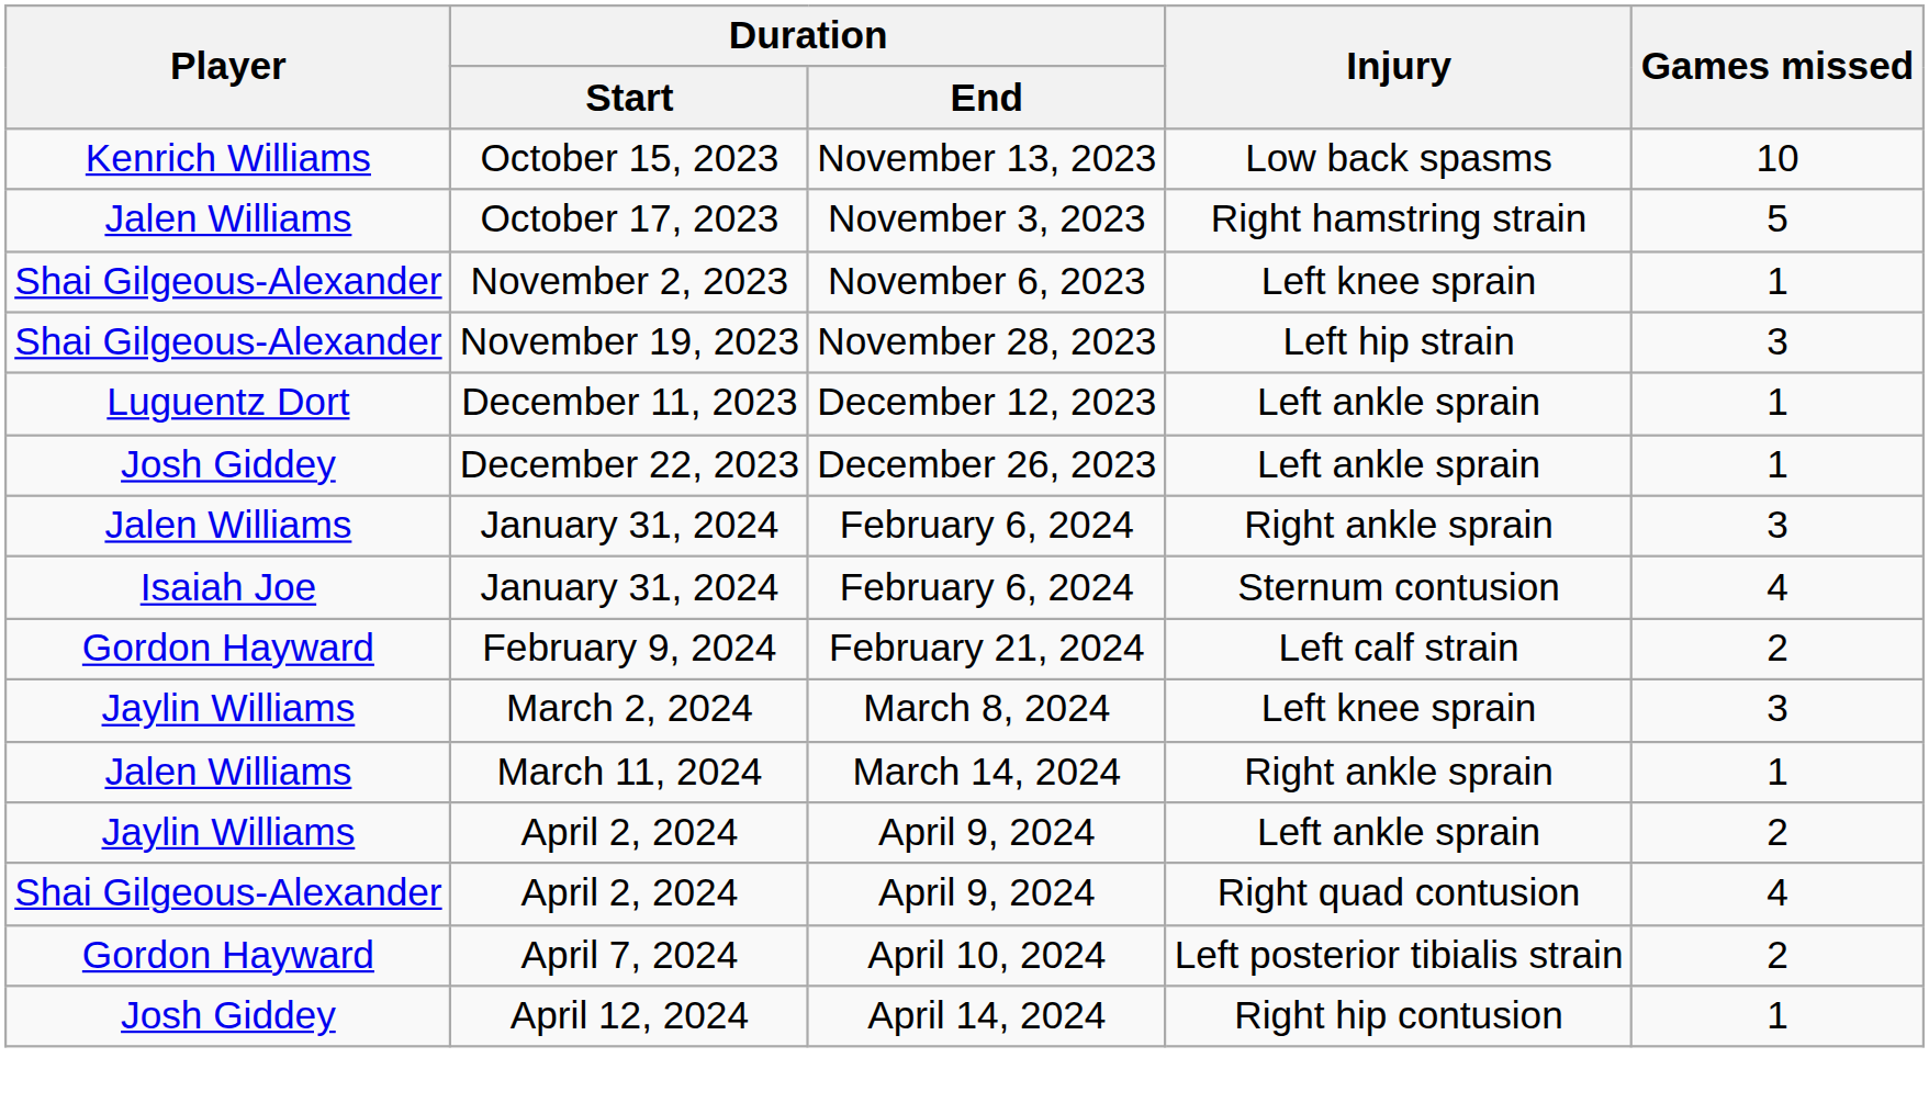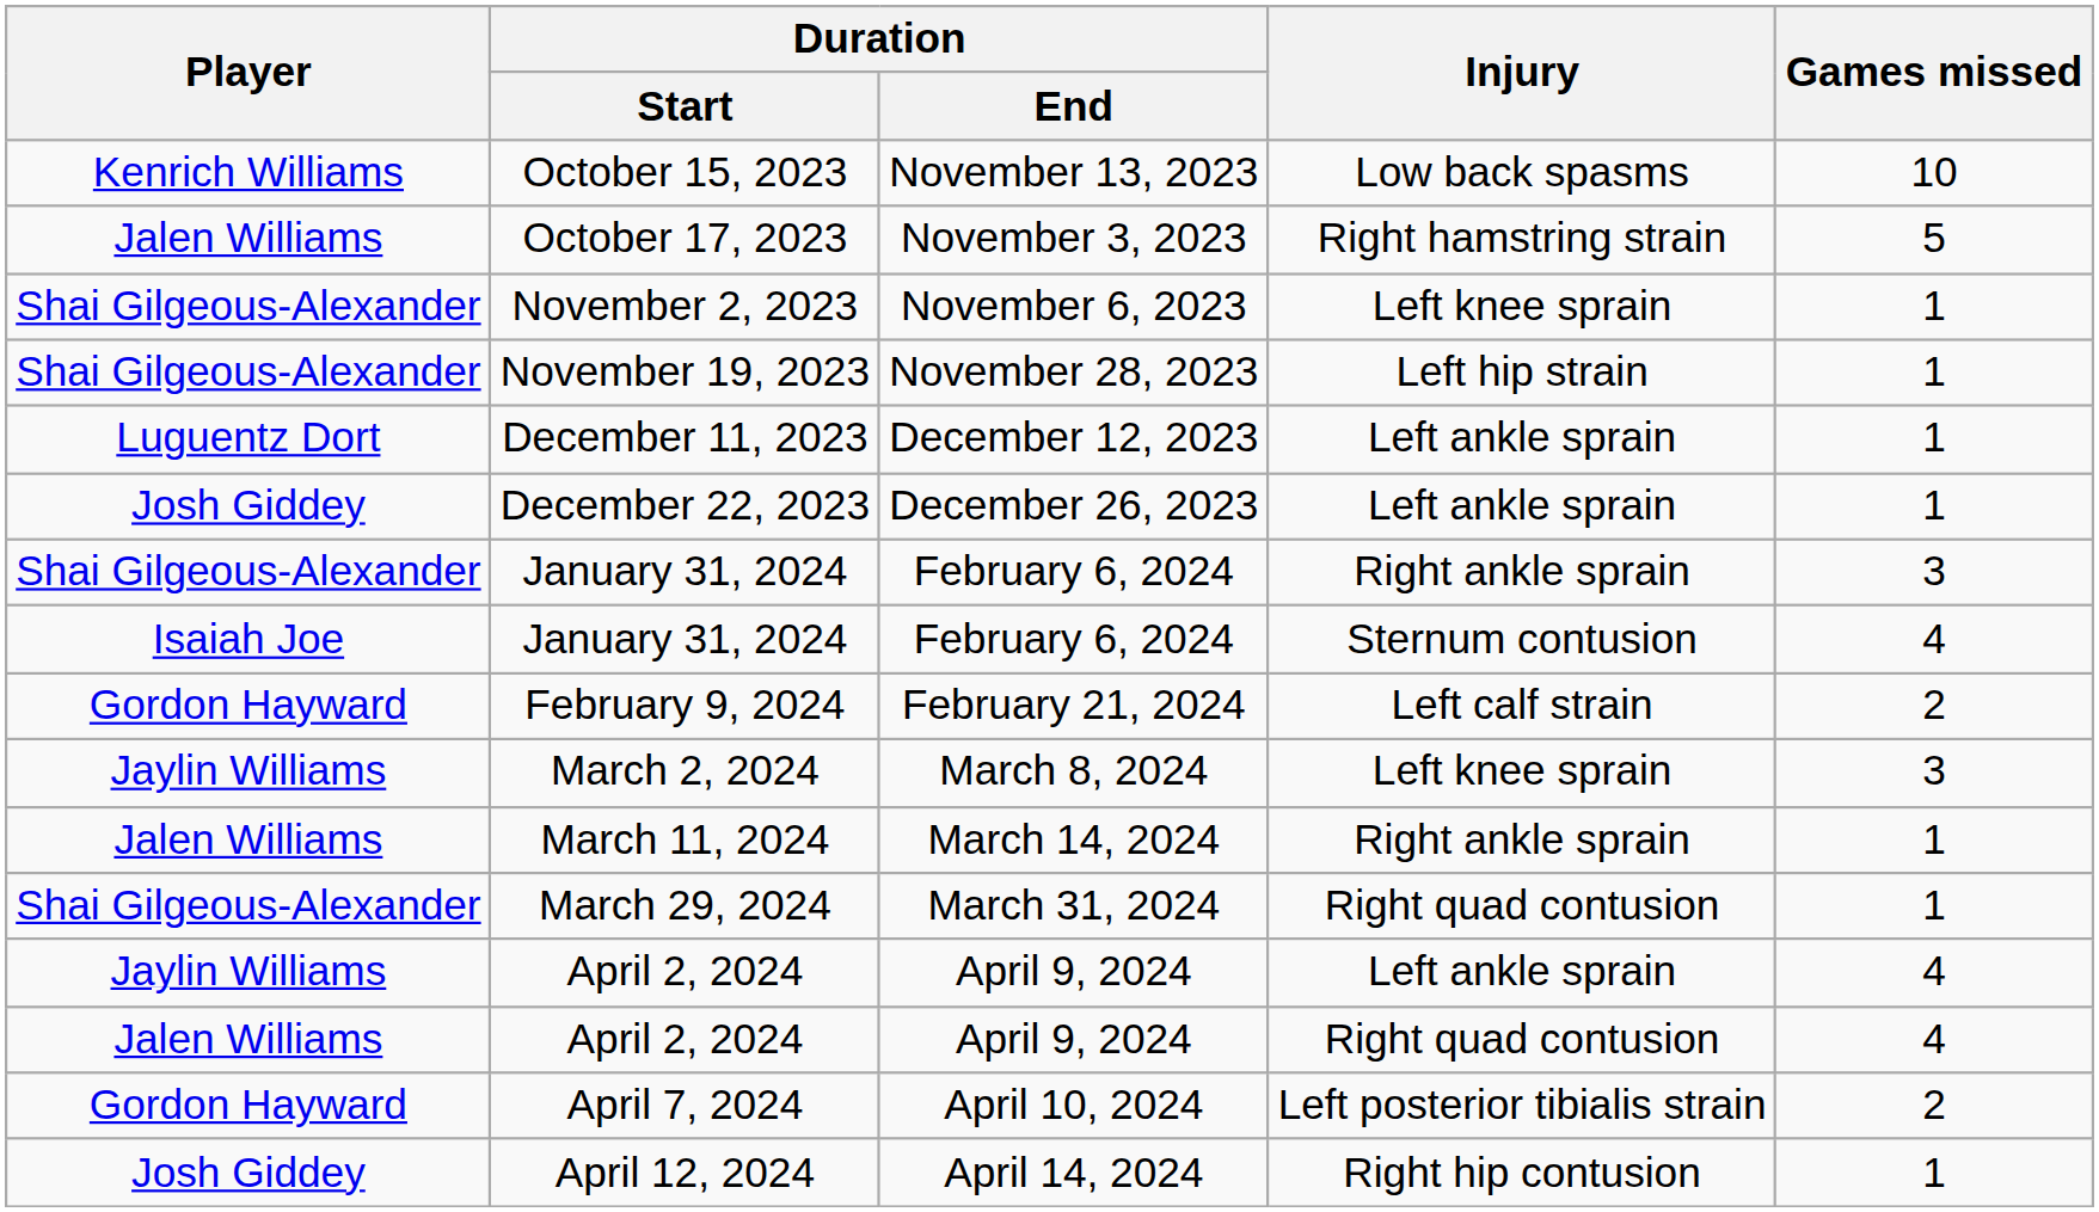 <table class="wikitable sortable collapsible" style="text-align:center;">
 <tr>
 <th rowspan="2">Player</th>
 <th colspan="2">Duration</th>
 <th rowspan="2">Injury</th>
 <th rowspan="2">Games missed</th>
 </tr>
 <tr>
 <th>Start</th>
 <th>End</th>
 </tr>
 <tr>
 <td><a href='#'>Kenrich Williams</a></td>
 <td>October 15, 2023</td>
 <td>November 13, 2023</td>
 <td>Low back spasms</td>
 <td>10</td>
 </tr>
 <tr>
 <td><a href='#'>Jalen Williams</a></td>
 <td>October 17, 2023</td>
 <td>November 3, 2023</td>
 <td>Right hamstring strain</td>
 <td>5</td>
 </tr>
 <tr>
 <td><a href='#'>Shai Gilgeous-Alexander</a></td>
 <td>November 2, 2023</td>
 <td>November 6, 2023</td>
 <td>Left knee sprain</td>
 <td>1</td>
 </tr>
 <tr>
 <td><a href='#'>Shai Gilgeous-Alexander</a></td>
 <td>November 19, 2023</td>
 <td>November 28, 2023</td>
 <td>Left hip strain</td>
-<td>3</td>
+<td>1</td>
 </tr>
 <tr>
 <td><a href='#'>Luguentz Dort</a></td>
 <td>December 11, 2023</td>
 <td>December 12, 2023</td>
 <td>Left ankle sprain</td>
 <td>1</td>
 </tr>
 <tr>
 <td><a href='#'>Josh Giddey</a></td>
 <td>December 22, 2023</td>
 <td>December 26, 2023</td>
 <td>Left ankle sprain</td>
 <td>1</td>
 </tr>
 <tr>
-<td><a href='#'>Jalen Williams</a></td>
+<td><a href='#'>Shai Gilgeous-Alexander</a></td>
 <td>January 31, 2024</td>
 <td>February 6, 2024</td>
 <td>Right ankle sprain</td>
 <td>3</td>
 </tr>
 <tr>
 <td><a href='#'>Isaiah Joe</a></td>
 <td>January 31, 2024</td>
 <td>February 6, 2024</td>
 <td>Sternum contusion</td>
 <td>4</td>
 </tr>
 <tr>
 <td><a href='#'>Gordon Hayward</a></td>
 <td>February 9, 2024</td>
 <td>February 21, 2024</td>
 <td>Left calf strain</td>
 <td>2</td>
 </tr>
 <tr>
 <td><a href='#'>Jaylin Williams</a></td>
 <td>March 2, 2024</td>
 <td>March 8, 2024</td>
 <td>Left knee sprain</td>
 <td>3</td>
 </tr>
 <tr>
 <td><a href='#'>Jalen Williams</a></td>
 <td>March 11, 2024</td>
 <td>March 14, 2024</td>
 <td>Right ankle sprain</td>
 <td>1</td>
 </tr>
 <tr>
+<td><a href='#'>Shai Gilgeous-Alexander</a></td>
+<td>March 29, 2024</td>
+<td>March 31, 2024</td>
+<td>Right quad contusion</td>
+<td>1</td>
+</tr>
+<tr>
 <td><a href='#'>Jaylin Williams</a></td>
 <td>April 2, 2024</td>
 <td>April 9, 2024</td>
 <td>Left ankle sprain</td>
-<td>2</td>
+<td>4</td>
 </tr>
 <tr>
-<td><a href='#'>Shai Gilgeous-Alexander</a></td>
+<td><a href='#'>Jalen Williams</a></td>
 <td>April 2, 2024</td>
 <td>April 9, 2024</td>
 <td>Right quad contusion</td>
 <td>4</td>
 </tr>
 <tr>
 <td><a href='#'>Gordon Hayward</a></td>
 <td>April 7, 2024</td>
 <td>April 10, 2024</td>
 <td>Left posterior tibialis strain</td>
 <td>2</td>
 </tr>
 <tr>
 <td><a href='#'>Josh Giddey</a></td>
 <td>April 12, 2024</td>
 <td>April 14, 2024</td>
 <td>Right hip contusion</td>
 <td>1</td>
 </tr>
 </table>
